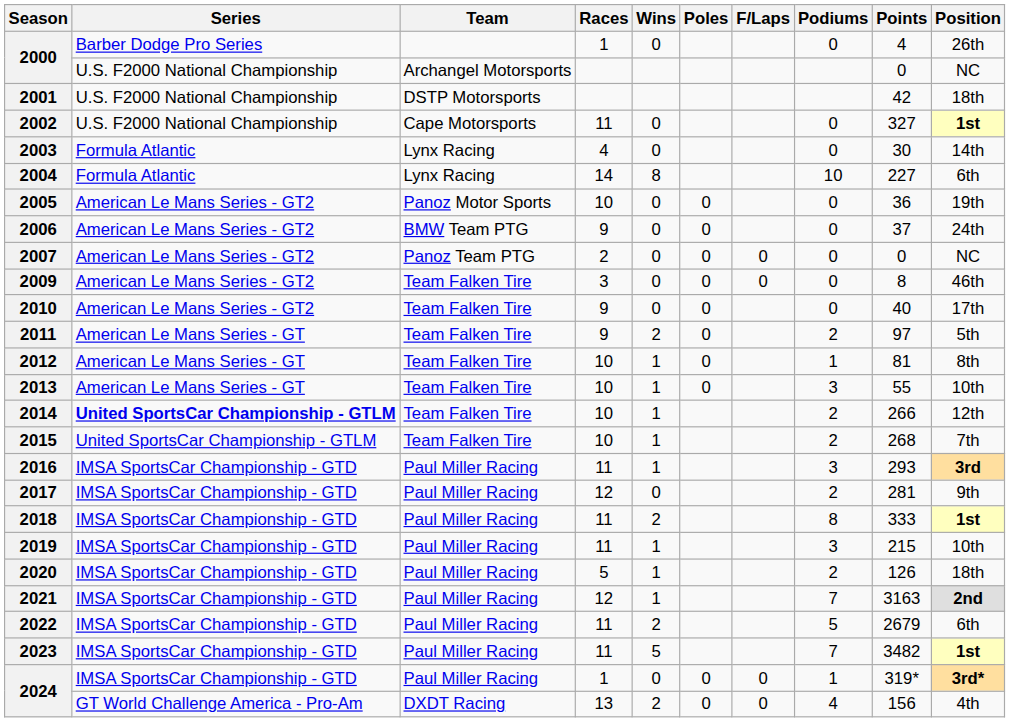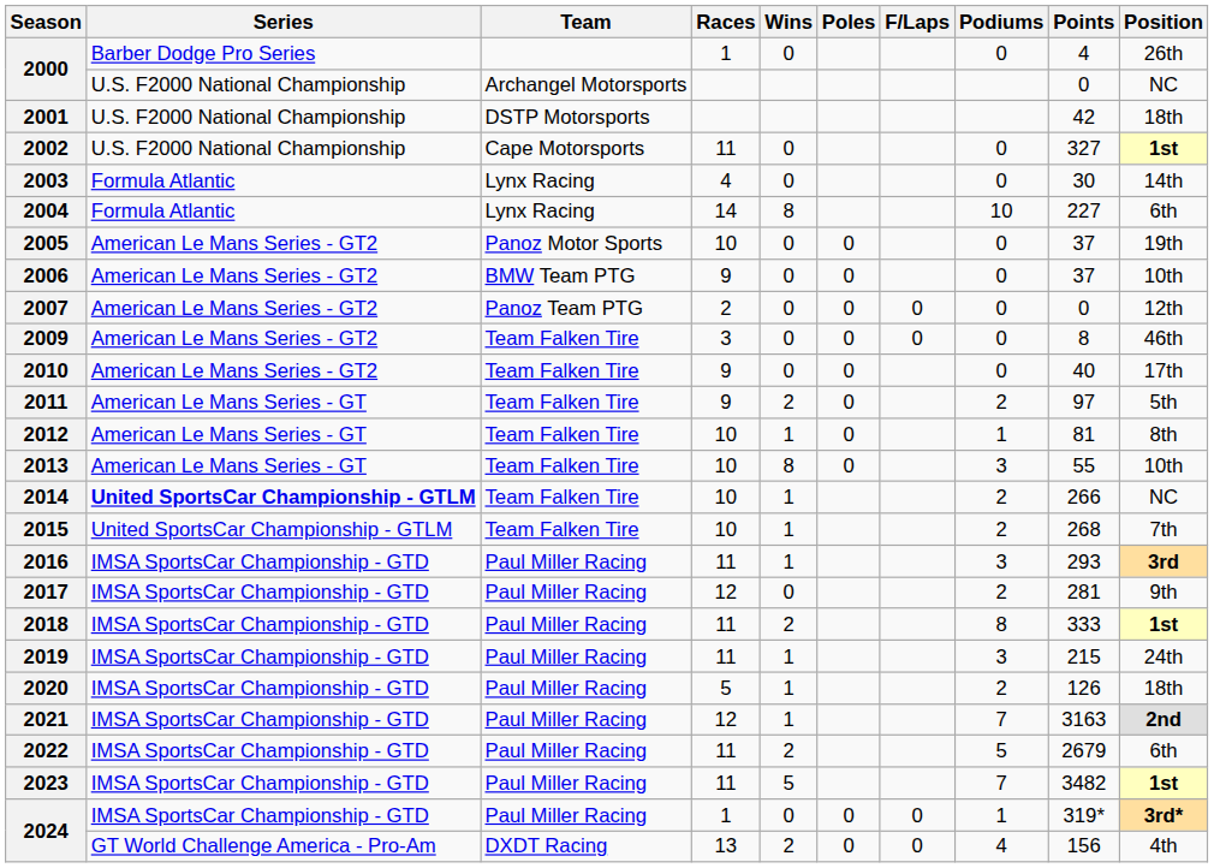 <table class="wikitable" style="font-size: 90%; text-align:center">
 <tr>
 <th>Season</th>
 <th>Series</th>
 <th>Team</th>
 <th>Races</th>
 <th>Wins</th>
 <th>Poles</th>
 <th>F/Laps</th>
 <th>Podiums</th>
 <th>Points</th>
 <th>Position</th>
 </tr>
 <tr>
 <th rowspan="2">2000</th>
 <td align=left><a href='#'>Barber Dodge Pro Series</a></td>
 <td></td>
 <td>1</td>
 <td>0</td>
 <td></td>
 <td></td>
 <td>0</td>
 <td>4</td>
 <td>26th</td>
 </tr>
 <tr>
 <td align=left>U.S. F2000 National Championship</td>
 <td align=left>Archangel Motorsports</td>
 <td></td>
 <td></td>
 <td></td>
 <td></td>
 <td></td>
 <td>0</td>
 <td>NC</td>
 </tr>
 <tr>
 <th>2001</th>
 <td align=left>U.S. F2000 National Championship</td>
 <td align=left>DSTP Motorsports</td>
 <td></td>
 <td></td>
 <td></td>
 <td></td>
 <td></td>
 <td>42</td>
 <td>18th</td>
 </tr>
 <tr>
 <th>2002</th>
 <td align=left>U.S. F2000 National Championship</td>
 <td align=left>Cape Motorsports</td>
 <td>11</td>
 <td>0</td>
 <td></td>
 <td></td>
 <td>0</td>
 <td>327</td>
 <td style="background:#FFFFBF;”"><strong>1st</strong></td>
 </tr>
 <tr>
 <th>2003</th>
 <td align=left><a href='#'>Formula Atlantic</a></td>
 <td align=left>Lynx Racing</td>
 <td>4</td>
 <td>0</td>
 <td></td>
 <td></td>
 <td>0</td>
 <td>30</td>
 <td>14th</td>
 </tr>
 <tr>
 <th>2004</th>
 <td align=left><a href='#'>Formula Atlantic</a></td>
 <td align=left>Lynx Racing</td>
 <td>14</td>
 <td>8</td>
 <td></td>
 <td></td>
 <td>10</td>
 <td>227</td>
 <td>6th</td>
 </tr>
 <tr>
 <th>2005</th>
 <td align=left><a href='#'>American Le Mans Series - GT2</a></td>
 <td align=left><a href='#'>Panoz</a> Motor Sports</td>
 <td>10</td>
 <td>0</td>
 <td>0</td>
 <td></td>
 <td>0</td>
-<td>36</td>
+<td>37</td>
 <td>19th</td>
 </tr>
 <tr>
 <th>2006</th>
 <td align=left><a href='#'>American Le Mans Series - GT2</a></td>
 <td align=left><a href='#'>BMW</a> Team PTG</td>
 <td>9</td>
 <td>0</td>
 <td>0</td>
 <td></td>
 <td>0</td>
 <td>37</td>
-<td>24th</td>
+<td>10th</td>
 </tr>
 <tr>
 <th>2007</th>
 <td align=left><a href='#'>American Le Mans Series - GT2</a></td>
 <td align=left><a href='#'>Panoz</a> Team PTG</td>
 <td>2</td>
 <td>0</td>
 <td>0</td>
 <td>0</td>
 <td>0</td>
 <td>0</td>
-<td>NC</td>
+<td>12th</td>
 </tr>
 <tr>
 <th>2009</th>
 <td align=left><a href='#'>American Le Mans Series - GT2</a></td>
 <td align=left><a href='#'>Team Falken Tire</a></td>
 <td>3</td>
 <td>0</td>
 <td>0</td>
 <td>0</td>
 <td>0</td>
 <td>8</td>
 <td>46th</td>
 </tr>
 <tr>
 <th>2010</th>
 <td align=left><a href='#'>American Le Mans Series - GT2</a></td>
 <td align=left><a href='#'>Team Falken Tire</a></td>
 <td>9</td>
 <td>0</td>
 <td>0</td>
 <td></td>
 <td>0</td>
 <td>40</td>
 <td>17th</td>
 </tr>
 <tr>
 <th>2011</th>
 <td align=left><a href='#'>American Le Mans Series - GT</a></td>
 <td align=left><a href='#'>Team Falken Tire</a></td>
 <td>9</td>
 <td>2</td>
 <td>0</td>
 <td></td>
 <td>2</td>
 <td>97</td>
 <td>5th</td>
 </tr>
 <tr>
 <th>2012</th>
 <td align=left><a href='#'>American Le Mans Series - GT</a></td>
 <td align=left><a href='#'>Team Falken Tire</a></td>
 <td>10</td>
 <td>1</td>
 <td>0</td>
 <td></td>
 <td>1</td>
 <td>81</td>
 <td>8th</td>
 </tr>
 <tr>
 <th>2013</th>
 <td align=left><a href='#'>American Le Mans Series - GT</a></td>
 <td align=left><a href='#'>Team Falken Tire</a></td>
 <td>10</td>
-<td>1</td>
+<td>8</td>
 <td>0</td>
 <td></td>
 <td>3</td>
 <td>55</td>
 <td>10th</td>
 </tr>
 <tr>
 <th>2014</th>
 <td align=left><strong><a href='#'>United SportsCar Championship - GTLM</a></strong></td>
 <td align=left><a href='#'>Team Falken Tire</a></td>
 <td>10</td>
 <td>1</td>
 <td></td>
 <td></td>
 <td>2</td>
 <td>266</td>
-<td>12th</td>
+<td>NC</td>
 </tr>
 <tr>
 <th>2015</th>
 <td align=left><a href='#'>United SportsCar Championship - GTLM</a></td>
 <td align=left><a href='#'>Team Falken Tire</a></td>
 <td>10</td>
 <td>1</td>
 <td></td>
 <td></td>
 <td>2</td>
 <td>268</td>
 <td>7th</td>
 </tr>
 <tr>
 <th>2016</th>
 <td align=left><a href='#'>IMSA SportsCar Championship - GTD</a></td>
 <td align=left><a href='#'>Paul Miller Racing</a></td>
 <td>11</td>
 <td>1</td>
 <td></td>
 <td></td>
 <td>3</td>
 <td>293</td>
 <td style="background:#FFDF9F;”"><strong>3rd</strong></td>
 </tr>
 <tr>
 <th>2017</th>
 <td align=left><a href='#'>IMSA SportsCar Championship - GTD</a></td>
 <td align=left><a href='#'>Paul Miller Racing</a></td>
 <td>12</td>
 <td>0</td>
 <td></td>
 <td></td>
 <td>2</td>
 <td>281</td>
 <td>9th</td>
 </tr>
 <tr>
 <th>2018</th>
 <td align=left><a href='#'>IMSA SportsCar Championship - GTD</a></td>
 <td align=left><a href='#'>Paul Miller Racing</a></td>
 <td>11</td>
 <td>2</td>
 <td></td>
 <td></td>
 <td>8</td>
 <td>333</td>
 <td style="background:#FFFFBF;”"><strong>1st</strong></td>
 </tr>
 <tr>
 <th>2019</th>
 <td align=left><a href='#'>IMSA SportsCar Championship - GTD</a></td>
 <td align=left><a href='#'>Paul Miller Racing</a></td>
 <td>11</td>
 <td>1</td>
 <td></td>
 <td></td>
 <td>3</td>
 <td>215</td>
-<td>10th</td>
+<td>24th</td>
 </tr>
 <tr>
 <th>2020</th>
 <td align=left><a href='#'>IMSA SportsCar Championship - GTD</a></td>
 <td align=left><a href='#'>Paul Miller Racing</a></td>
 <td>5</td>
 <td>1</td>
 <td></td>
 <td></td>
 <td>2</td>
 <td>126</td>
 <td>18th</td>
 </tr>
 <tr>
 <th>2021</th>
 <td align=left><a href='#'>IMSA SportsCar Championship - GTD</a></td>
 <td align=left><a href='#'>Paul Miller Racing</a></td>
 <td>12</td>
 <td>1</td>
 <td></td>
 <td></td>
 <td>7</td>
 <td>3163</td>
 <td style="background:#DFDFDF;”"><strong>2nd</strong></td>
 </tr>
 <tr>
 <th>2022</th>
 <td align=left><a href='#'>IMSA SportsCar Championship - GTD</a></td>
 <td align=left><a href='#'>Paul Miller Racing</a></td>
 <td>11</td>
 <td>2</td>
 <td></td>
 <td></td>
 <td>5</td>
 <td>2679</td>
 <td>6th</td>
 </tr>
 <tr>
 <th>2023</th>
 <td align=left><a href='#'>IMSA SportsCar Championship - GTD</a></td>
 <td align=left><a href='#'>Paul Miller Racing</a></td>
 <td>11</td>
 <td>5</td>
 <td></td>
 <td></td>
 <td>7</td>
 <td>3482</td>
 <td style="background:#FFFFBF;”"><strong>1st</strong></td>
 </tr>
 <tr>
 <th rowspan="2">2024</th>
 <td align=left><a href='#'>IMSA SportsCar Championship - GTD</a></td>
 <td align=left><a href='#'>Paul Miller Racing</a></td>
 <td>1</td>
 <td>0</td>
 <td>0</td>
 <td>0</td>
 <td>1</td>
 <td>319*</td>
 <td style="background:#FFDF9F;”"><strong>3rd*</strong></td>
 </tr>
 <tr>
 <td align=left><a href='#'>GT World Challenge America - Pro-Am</a></td>
 <td align=left><a href='#'>DXDT Racing</a></td>
 <td>13</td>
 <td>2</td>
 <td>0</td>
 <td>0</td>
 <td>4</td>
 <td>156</td>
 <td>4th</td>
 </tr>
 </table>
